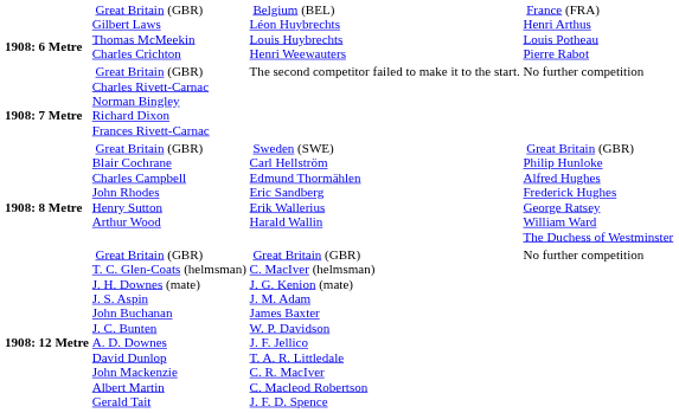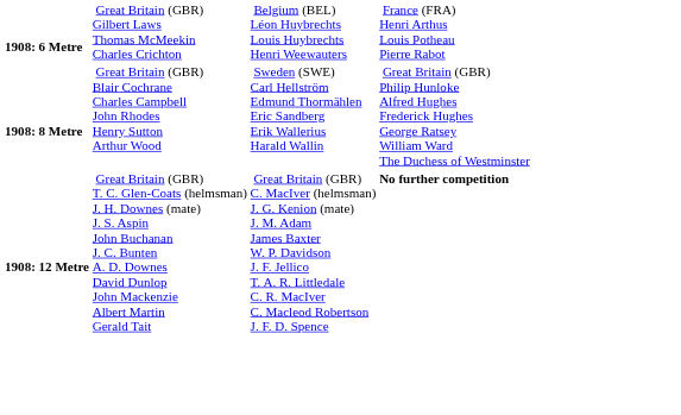 <table>
 <tr>
 <td style="align:center;"><br><br><strong>1908: 6 Metre</strong> <br></td>
 <td style="vertical-align:top;"> <a href='#'>Great Britain</a> <span>(GBR)</span><br><a href='#'>Gilbert Laws</a><br><a href='#'>Thomas McMeekin</a><br><a href='#'>Charles Crichton</a></td>
 <td style="vertical-align:top;"> <a href='#'>Belgium</a> <span>(BEL)</span><br><a href='#'>Léon Huybrechts</a><br><a href='#'>Louis Huybrechts</a><br><a href='#'>Henri Weewauters</a></td>
 <td style="vertical-align:top;"> <a href='#'>France</a> <span>(FRA)</span><br><a href='#'>Henri Arthus</a><br><a href='#'>Louis Potheau</a><br><a href='#'>Pierre Rabot</a></td>
-</tr>
-<tr>
-<td style="align:center;"><br><br><strong>1908: 7 Metre</strong> <br></td>
-<td style="vertical-align:top;"> <a href='#'>Great Britain</a> <span>(GBR)</span><br><a href='#'>Charles Rivett-Carnac</a><br><a href='#'>Norman Bingley</a><br><a href='#'>Richard Dixon</a><br><a href='#'>Frances Rivett-Carnac</a></td>
-<td style="vertical-align:top;">The second competitor failed to make it to the start.</td>
-<td style="vertical-align:top;">No further competition</td>
 </tr>
 <tr>
 <td style="align:center;"><br><br><strong>1908: 8 Metre</strong> <br></td>
 <td style="vertical-align:top;"> <a href='#'>Great Britain</a> <span>(GBR)</span><br><a href='#'>Blair Cochrane</a><br><a href='#'>Charles Campbell</a><br><a href='#'>John Rhodes</a><br><a href='#'>Henry Sutton</a><br><a href='#'>Arthur Wood</a></td>
 <td style="vertical-align:top;"> <a href='#'>Sweden</a> <span>(SWE)</span><br><a href='#'>Carl Hellström</a><br><a href='#'>Edmund Thormählen</a><br><a href='#'>Eric Sandberg</a><br><a href='#'>Erik Wallerius</a><br><a href='#'>Harald Wallin</a></td>
 <td style="vertical-align:top;"> <a href='#'>Great Britain</a> <span>(GBR)</span><br><a href='#'>Philip Hunloke</a><br><a href='#'>Alfred Hughes</a><br><a href='#'>Frederick Hughes</a><br><a href='#'>George Ratsey</a><br><a href='#'>William Ward</a><br><a href='#'>The Duchess of Westminster</a></td>
 </tr>
 <tr>
 <td style="align:center;"><br><br><strong>1908: 12 Metre</strong><br></td>
 <td style="vertical-align:top;"> <a href='#'>Great Britain</a> <span>(GBR)</span><br><a href='#'>T. C. Glen-Coats</a> (helmsman)<br><a href='#'>J. H. Downes</a> (mate)<br><a href='#'>J. S. Aspin</a><br><a href='#'>John Buchanan</a><br><a href='#'>J. C. Bunten</a><br><a href='#'>A. D. Downes</a><br><a href='#'>David Dunlop</a><br><a href='#'>John Mackenzie</a><br><a href='#'>Albert Martin</a><br><a href='#'>Gerald Tait</a></td>
 <td style="vertical-align:top;"> <a href='#'>Great Britain</a> <span>(GBR)</span><br><a href='#'>C. MacIver</a> (helmsman)<br><a href='#'>J. G. Kenion</a> (mate)<br><a href='#'>J. M. Adam</a><br><a href='#'>James Baxter</a><br><a href='#'>W. P. Davidson</a><br><a href='#'>J. F. Jellico</a><br><a href='#'>T. A. R. Littledale</a><br><a href='#'>C. R. MacIver</a><br><a href='#'>C. Macleod Robertson</a><br><a href='#'>J. F. D. Spence</a></td>
-<td style="vertical-align:top;">No further competition</td>
+<td style="vertical-align:top;"><strong>No further competition</strong></td>
 </tr>
 </table>
